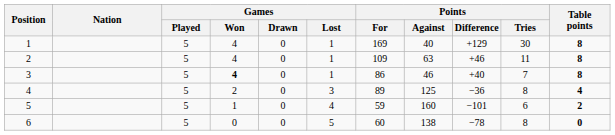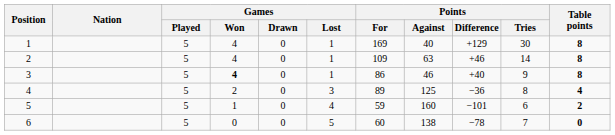 <table class="wikitable" style="text-align:center">
 <tr>
 <th rowspan="2" style="width:8%;">Position</th>
 <th rowspan="2" style="width:18%;">Nation</th>
 <th colspan="4" style="width:32%;">Games</th>
 <th colspan="4" style="width:32%;">Points</th>
 <th rowspan="2" style="width:10%;">Table<br>points</th>
 </tr>
 <tr>
 <th style="width:8%;">Played</th>
 <th style="width:8%;">Won</th>
 <th style="width:8%;">Drawn</th>
 <th style="width:8%;">Lost</th>
 <th style="width:8%;">For</th>
 <th style="width:8%;">Against</th>
 <th style="width:8%;">Difference</th>
 <th style="width:8%;">Tries</th>
 </tr>
 <tr>
 <td>1</td>
 <td align="left"></td>
 <td>5</td>
 <td>4</td>
 <td>0</td>
 <td>1</td>
 <td>169</td>
 <td>40</td>
 <td>+129</td>
 <td>30</td>
 <td><strong>8</strong></td>
 </tr>
 <tr>
 <td>2</td>
 <td align="left"></td>
 <td>5</td>
 <td>4</td>
 <td>0</td>
 <td>1</td>
 <td>109</td>
 <td>63</td>
 <td>+46</td>
-<td>11</td>
+<td>14</td>
 <td><strong>8</strong></td>
 </tr>
 <tr>
 <td>3</td>
 <td align="left"></td>
 <td>5</td>
 <td><strong>4</strong></td>
 <td>0</td>
 <td>1</td>
 <td>86</td>
 <td>46</td>
 <td>+40</td>
-<td>7</td>
+<td>9</td>
 <td><strong>8</strong></td>
 </tr>
 <tr>
 <td>4</td>
 <td align="left"></td>
 <td>5</td>
 <td>2</td>
 <td>0</td>
 <td>3</td>
 <td>89</td>
 <td>125</td>
 <td>−36</td>
 <td>8</td>
 <td><strong>4</strong></td>
 </tr>
 <tr>
 <td>5</td>
 <td align="left"></td>
 <td>5</td>
 <td>1</td>
 <td>0</td>
 <td>4</td>
 <td>59</td>
 <td>160</td>
 <td>−101</td>
 <td>6</td>
 <td><strong>2</strong></td>
 </tr>
 <tr>
 <td>6</td>
 <td align="left"></td>
 <td>5</td>
 <td>0</td>
 <td>0</td>
 <td>5</td>
 <td>60</td>
 <td>138</td>
 <td>−78</td>
-<td>8</td>
+<td>7</td>
 <td><strong>0</strong></td>
 </tr>
 </table>
